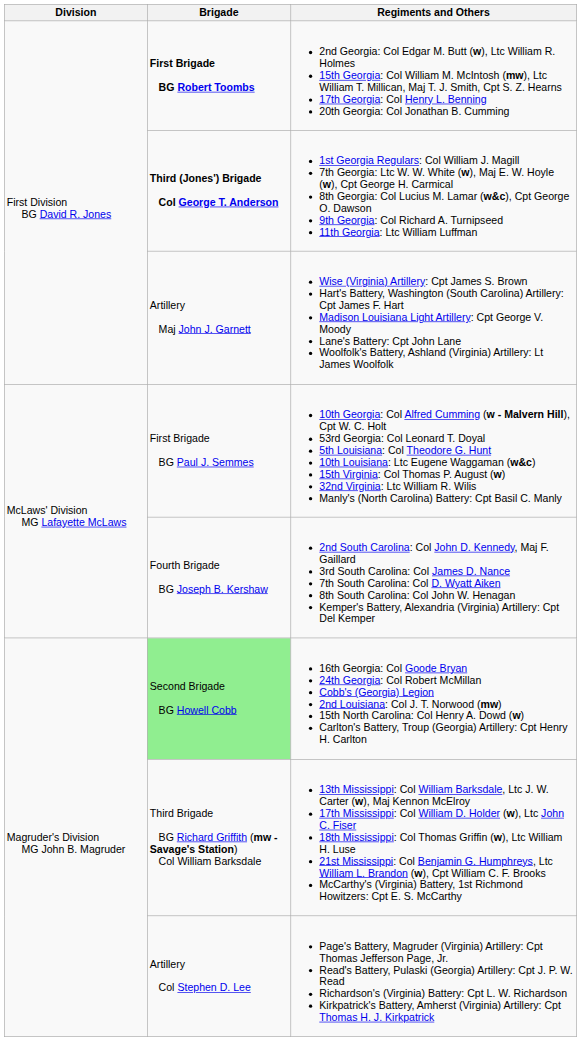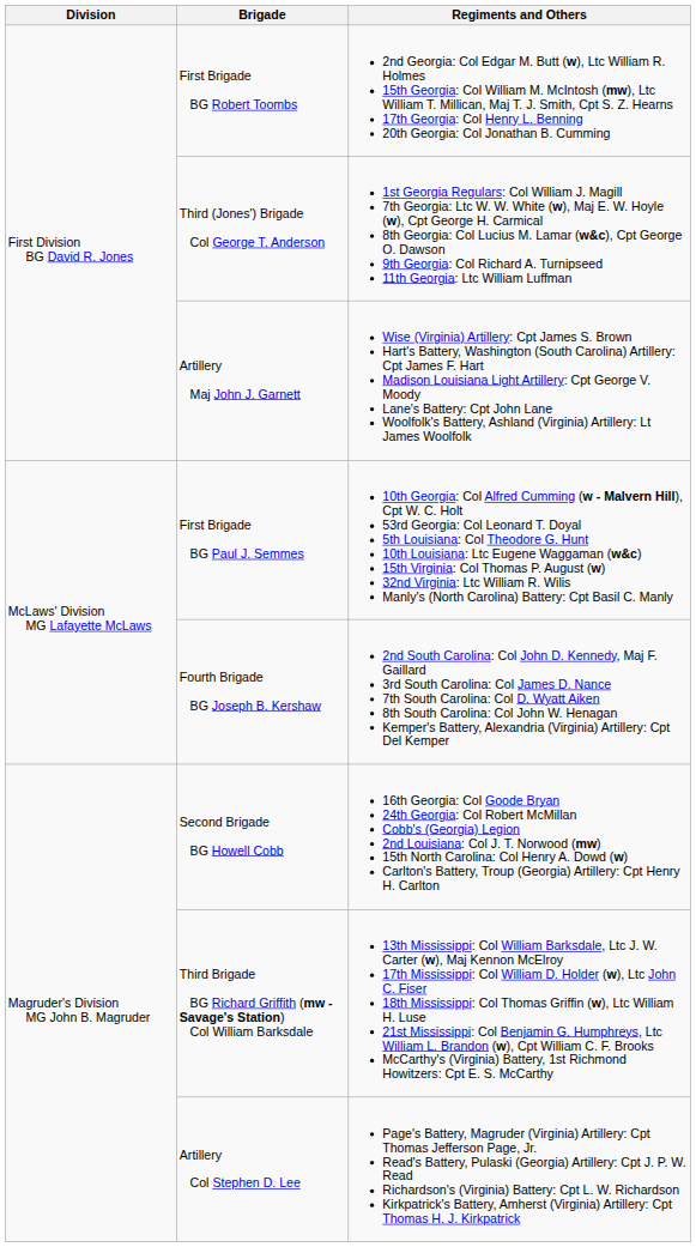 <table class="wikitable">
 <tr>
 <th width=25%>Division</th>
 <th width=25%>Brigade</th>
 <th>Regiments and Others</th>
 </tr>
 <tr>
 <td rowspan=3><br>First Division <br>     BG <a href='#'>David R. Jones</a></td>
-<td><strong>First Brigade<br><br>   BG <a href='#'>Robert Toombs</a></strong></td>
+<td>First Brigade<br><br>   BG <a href='#'>Robert Toombs</a></td>
 <td><br><ul><li>2nd Georgia: Col Edgar M. Butt (<strong>w</strong>), Ltc William R. Holmes</li><li><a href='#'>15th Georgia</a>: Col William M. McIntosh (<strong>mw</strong>), Ltc William T. Millican, Maj T. J. Smith, Cpt S. Z. Hearns</li><li><a href='#'>17th Georgia</a>: Col <a href='#'>Henry L. Benning</a></li><li>20th Georgia: Col Jonathan B. Cumming</li></ul></td>
 </tr>
 <tr>
-<td><strong>Third (Jones') Brigade<br><br>   Col <a href='#'>George T. Anderson</a></strong></td>
+<td>Third (Jones') Brigade<br><br>   Col <a href='#'>George T. Anderson</a></td>
 <td><br><ul><li><a href='#'>1st Georgia Regulars</a>: Col William J. Magill</li><li>7th Georgia: Ltc W. W. White (<strong>w</strong>), Maj E. W. Hoyle (<strong>w</strong>), Cpt George H. Carmical</li><li>8th Georgia: Col Lucius M. Lamar (<strong>w&c</strong>), Cpt George O. Dawson</li><li><a href='#'>9th Georgia</a>: Col Richard A. Turnipseed</li><li><a href='#'>11th Georgia</a>: Ltc William Luffman</li></ul></td>
 </tr>
 <tr>
 <td>Artillery<br><br>   Maj <a href='#'>John J. Garnett</a></td>
 <td><br><ul><li><a href='#'>Wise (Virginia) Artillery</a>: Cpt James S. Brown</li><li>Hart's Battery, Washington (South Carolina) Artillery: Cpt James F. Hart</li><li><a href='#'>Madison Louisiana Light Artillery</a>: Cpt George V. Moody</li><li>Lane's Battery: Cpt John Lane</li><li>Woolfolk's Battery, Ashland (Virginia) Artillery: Lt James Woolfolk</li></ul></td>
 </tr>
 <tr>
 <td rowspan=2><br>McLaws' Division <br>     MG <a href='#'>Lafayette McLaws</a></td>
 <td>First Brigade<br><br>   BG <a href='#'>Paul J. Semmes</a></td>
 <td><br><ul><li><a href='#'>10th Georgia</a>: Col <a href='#'>Alfred Cumming</a> (<strong>w - Malvern Hill</strong>), Cpt W. C. Holt</li><li>53rd Georgia: Col Leonard T. Doyal</li><li><a href='#'>5th Louisiana</a>: Col <a href='#'>Theodore G. Hunt</a></li><li><a href='#'>10th Louisiana</a>: Ltc Eugene Waggaman (<strong>w&c</strong>)</li><li><a href='#'>15th Virginia</a>: Col Thomas P. August (<strong>w</strong>)</li><li><a href='#'>32nd Virginia</a>: Ltc William R. Wilis</li><li>Manly's (North Carolina) Battery: Cpt Basil C. Manly</li></ul></td>
 </tr>
 <tr>
 <td>Fourth Brigade<br><br>   BG <a href='#'>Joseph B. Kershaw</a></td>
 <td><br><ul><li><a href='#'>2nd South Carolina</a>: Col <a href='#'>John D. Kennedy</a>, Maj F. Gaillard</li><li>3rd South Carolina: Col <a href='#'>James D. Nance</a></li><li>7th South Carolina: Col <a href='#'>D. Wyatt Aiken</a></li><li>8th South Carolina: Col John W. Henagan</li><li>Kemper's Battery, Alexandria (Virginia) Artillery: Cpt Del Kemper</li></ul></td>
 </tr>
 <tr>
 <td rowspan=3><br>Magruder's Division <br>     MG John B. Magruder</td>
-<td style="background: lightgreen;">Second Brigade<br><br>   BG <a href='#'>Howell Cobb</a></td>
+<td>Second Brigade<br><br>   BG <a href='#'>Howell Cobb</a></td>
 <td><br><ul><li>16th Georgia: Col <a href='#'>Goode Bryan</a></li><li><a href='#'>24th Georgia</a>: Col Robert McMillan</li><li><a href='#'>Cobb's (Georgia) Legion</a></li><li><a href='#'>2nd Louisiana</a>: Col J. T. Norwood (<strong>mw</strong>)</li><li>15th North Carolina: Col Henry A. Dowd (<strong>w</strong>)</li><li>Carlton's Battery, Troup (Georgia) Artillery: Cpt Henry H. Carlton</li></ul></td>
 </tr>
 <tr>
 <td>Third Brigade<br><br>   BG <a href='#'>Richard Griffith</a> (<strong>mw - Savage's Station</strong>) <br>   Col William Barksdale</td>
 <td><br><ul><li><a href='#'>13th Mississippi</a>: Col <a href='#'>William Barksdale</a>, Ltc J. W. Carter (<strong>w</strong>), Maj Kennon McElroy</li><li><a href='#'>17th Mississippi</a>: Col <a href='#'>William D. Holder</a> (<strong>w</strong>), Ltc <a href='#'>John C. Fiser</a></li><li><a href='#'>18th Mississippi</a>: Col Thomas Griffin (<strong>w</strong>), Ltc William H. Luse</li><li><a href='#'>21st Mississippi</a>: Col <a href='#'>Benjamin G. Humphreys</a>, Ltc <a href='#'>William L. Brandon</a> (<strong>w</strong>), Cpt William C. F. Brooks</li><li>McCarthy's (Virginia) Battery, 1st Richmond Howitzers: Cpt E. S. McCarthy</li></ul></td>
 </tr>
 <tr>
 <td>Artillery<br><br>   Col <a href='#'>Stephen D. Lee</a></td>
 <td><br><ul><li>Page's Battery, Magruder (Virginia) Artillery: Cpt Thomas Jefferson Page, Jr.</li><li>Read's Battery, Pulaski (Georgia) Artillery: Cpt J. P. W. Read</li><li>Richardson's (Virginia) Battery: Cpt L. W. Richardson</li><li>Kirkpatrick's Battery, Amherst (Virginia) Artillery: Cpt <a href='#'>Thomas H. J. Kirkpatrick</a></li></ul></td>
 </tr>
 </table>
